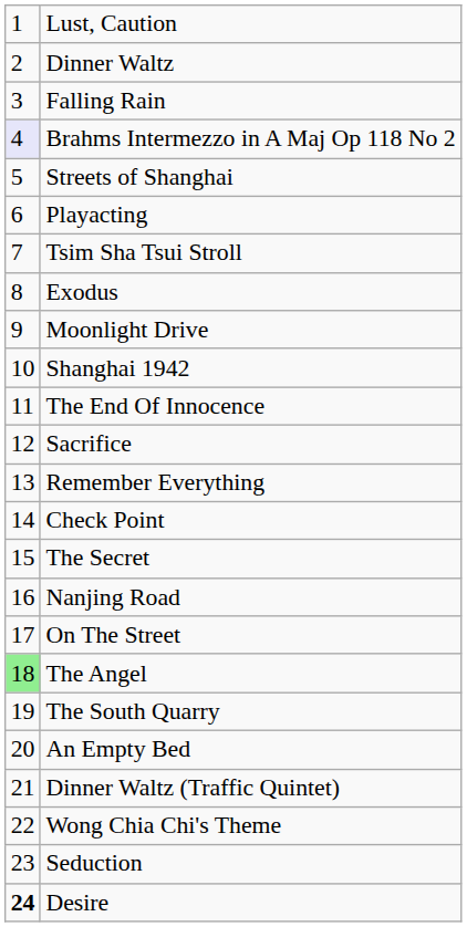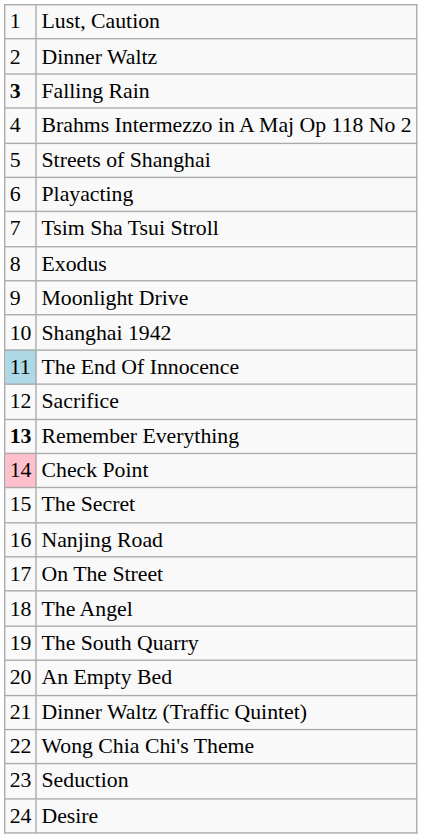 <table class="wikitable">
 <tr>
 <td>1</td>
 <td>Lust, Caution</td>
 </tr>
 <tr>
 <td>2</td>
 <td>Dinner Waltz</td>
 </tr>
 <tr>
-<td>3</td>
+<td><strong>3</strong></td>
 <td>Falling Rain</td>
 </tr>
 <tr>
-<td style="background: lavender;">4</td>
+<td>4</td>
 <td>Brahms Intermezzo in A Maj Op 118 No 2</td>
 </tr>
 <tr>
 <td>5</td>
 <td>Streets of Shanghai</td>
 </tr>
 <tr>
 <td>6</td>
 <td>Playacting</td>
 </tr>
 <tr>
 <td>7</td>
 <td>Tsim Sha Tsui Stroll</td>
 </tr>
 <tr>
 <td>8</td>
 <td>Exodus</td>
 </tr>
 <tr>
 <td>9</td>
 <td>Moonlight Drive</td>
 </tr>
 <tr>
 <td>10</td>
 <td>Shanghai 1942</td>
 </tr>
 <tr>
-<td>11</td>
+<td style="background: lightblue;">11</td>
 <td>The End Of Innocence</td>
 </tr>
 <tr>
 <td>12</td>
 <td>Sacrifice</td>
 </tr>
 <tr>
-<td>13</td>
+<td><strong>13</strong></td>
 <td>Remember Everything</td>
 </tr>
 <tr>
-<td>14</td>
+<td style="background: pink;">14</td>
 <td>Check Point</td>
 </tr>
 <tr>
 <td>15</td>
 <td>The Secret</td>
 </tr>
 <tr>
 <td>16</td>
 <td>Nanjing Road</td>
 </tr>
 <tr>
 <td>17</td>
 <td>On The Street</td>
 </tr>
 <tr>
-<td style="background: lightgreen;">18</td>
+<td>18</td>
 <td>The Angel</td>
 </tr>
 <tr>
 <td>19</td>
 <td>The South Quarry</td>
 </tr>
 <tr>
 <td>20</td>
 <td>An Empty Bed</td>
 </tr>
 <tr>
 <td>21</td>
 <td>Dinner Waltz (Traffic Quintet)</td>
 </tr>
 <tr>
 <td>22</td>
 <td>Wong Chia Chi's Theme</td>
 </tr>
 <tr>
 <td>23</td>
 <td>Seduction</td>
 </tr>
 <tr>
-<td><strong>24</strong></td>
+<td>24</td>
 <td>Desire</td>
 </tr>
 </table>
